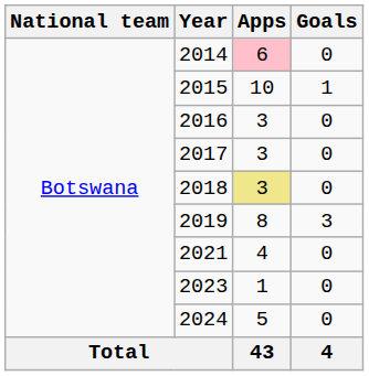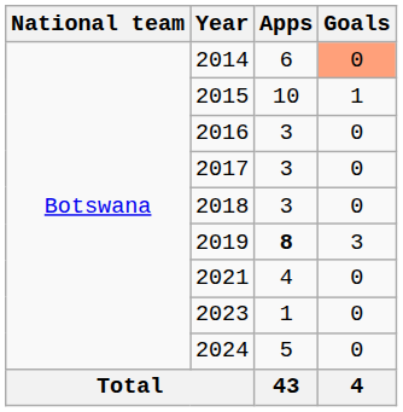 <table class="wikitable" style="text-align: center;">
 <tr>
 <th>National team</th>
 <th>Year</th>
 <th>Apps</th>
 <th>Goals</th>
 </tr>
 <tr>
 <td rowspan="9"><a href='#'>Botswana</a></td>
 <td>2014</td>
-<td style="background: pink;">6</td>
-<td>0</td>
+<td>6</td>
+<td style="background: lightsalmon;">0</td>
 </tr>
 <tr>
 <td>2015</td>
 <td>10</td>
 <td>1</td>
 </tr>
 <tr>
 <td>2016</td>
 <td>3</td>
 <td>0</td>
 </tr>
 <tr>
 <td>2017</td>
 <td>3</td>
 <td>0</td>
 </tr>
 <tr>
 <td>2018</td>
-<td style="background: khaki;">3</td>
+<td>3</td>
 <td>0</td>
 </tr>
 <tr>
 <td>2019</td>
-<td>8</td>
+<td><strong>8</strong></td>
 <td>3</td>
 </tr>
 <tr>
 <td>2021</td>
 <td>4</td>
 <td>0</td>
 </tr>
 <tr>
 <td>2023</td>
 <td>1</td>
 <td>0</td>
 </tr>
 <tr>
 <td>2024</td>
 <td>5</td>
 <td>0</td>
 </tr>
 <tr>
 <th colspan="2">Total</th>
 <th>43</th>
 <th>4</th>
 </tr>
 </table>
